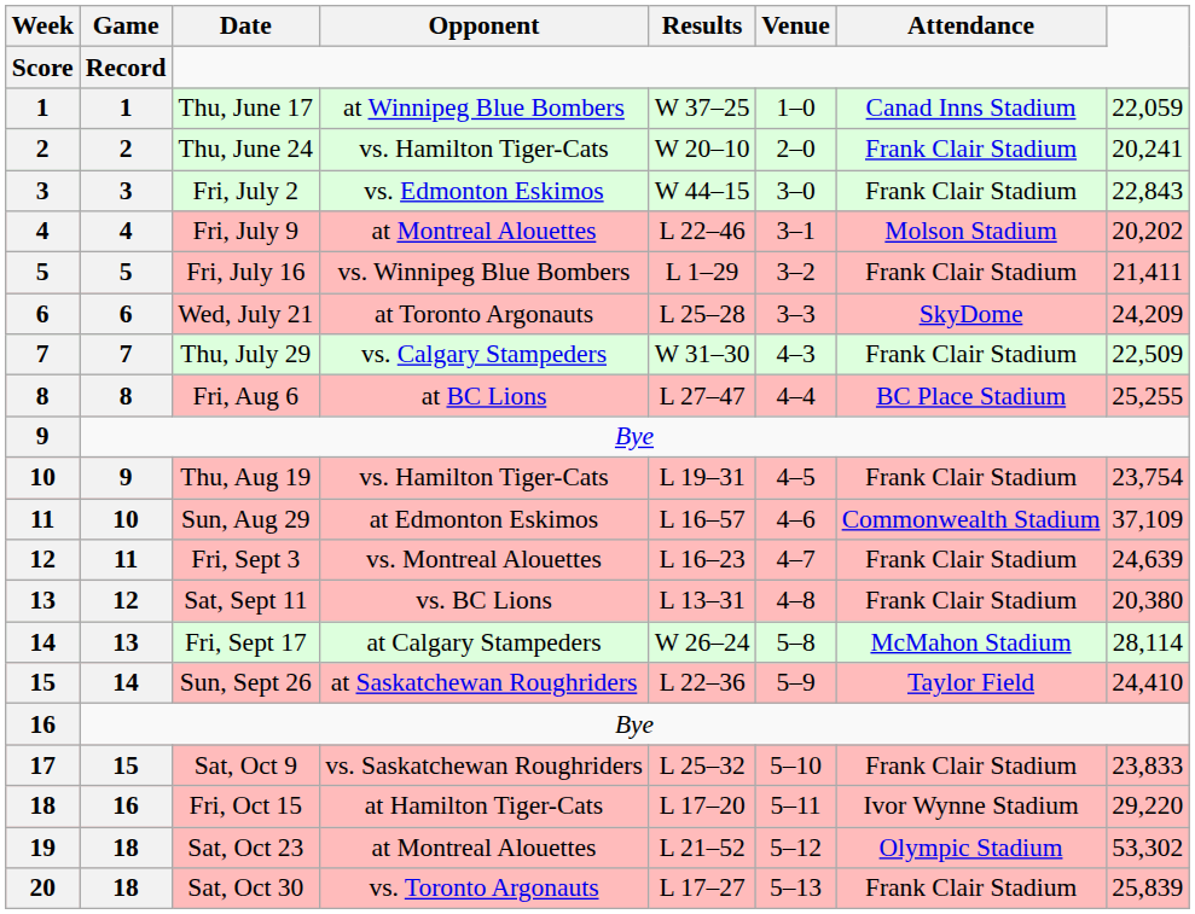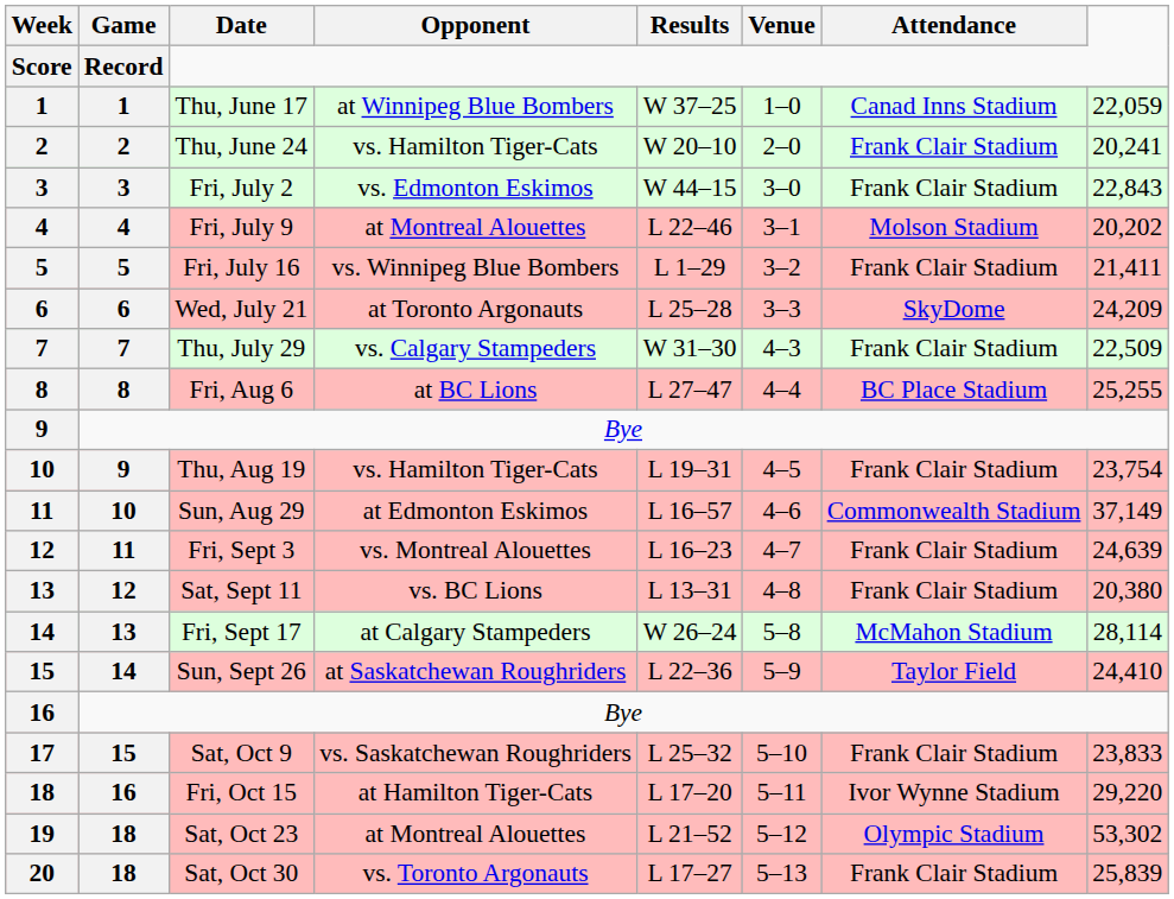 <table class="wikitable" style="text-align:center">
 <tr>
 <th>Week</th>
 <th>Game</th>
 <th>Date</th>
 <th>Opponent</th>
 <th>Results</th>
 <th>Venue</th>
 <th>Attendance</th>
 </tr>
 <tr>
 <th>Score</th>
 <th>Record</th>
 </tr>
 <tr style="background:#ddffdd">
 <th>1</th>
 <th>1</th>
 <td>Thu, June 17</td>
 <td>at <a href='#'>Winnipeg Blue Bombers</a></td>
 <td>W 37–25</td>
 <td>1–0</td>
 <td><a href='#'>Canad Inns Stadium</a></td>
 <td>22,059</td>
 </tr>
 <tr style="background:#ddffdd">
 <th>2</th>
 <th>2</th>
 <td>Thu, June 24</td>
 <td>vs. Hamilton Tiger-Cats</td>
 <td>W 20–10</td>
 <td>2–0</td>
 <td><a href='#'>Frank Clair Stadium</a></td>
 <td>20,241</td>
 </tr>
 <tr style="background:#ddffdd">
 <th>3</th>
 <th>3</th>
 <td>Fri, July 2</td>
 <td>vs. <a href='#'>Edmonton Eskimos</a></td>
 <td>W 44–15</td>
 <td>3–0</td>
 <td>Frank Clair Stadium</td>
 <td>22,843</td>
 </tr>
 <tr style="background:#ffbbbb">
 <th>4</th>
 <th>4</th>
 <td>Fri, July 9</td>
 <td>at <a href='#'>Montreal Alouettes</a></td>
 <td>L 22–46</td>
 <td>3–1</td>
 <td><a href='#'>Molson Stadium</a></td>
 <td>20,202</td>
 </tr>
 <tr style="background:#ffbbbb">
 <th>5</th>
 <th>5</th>
 <td>Fri, July 16</td>
 <td>vs. Winnipeg Blue Bombers</td>
 <td>L 1–29</td>
 <td>3–2</td>
 <td>Frank Clair Stadium</td>
 <td>21,411</td>
 </tr>
 <tr style="background:#ffbbbb">
 <th>6</th>
 <th>6</th>
 <td>Wed, July 21</td>
 <td>at Toronto Argonauts</td>
 <td>L 25–28</td>
 <td>3–3</td>
 <td><a href='#'>SkyDome</a></td>
 <td>24,209</td>
 </tr>
 <tr style="background:#ddffdd">
 <th>7</th>
 <th>7</th>
 <td>Thu, July 29</td>
 <td>vs. <a href='#'>Calgary Stampeders</a></td>
 <td>W 31–30</td>
 <td>4–3</td>
 <td>Frank Clair Stadium</td>
 <td>22,509</td>
 </tr>
 <tr style="background:#ffbbbb">
 <th>8</th>
 <th>8</th>
 <td>Fri, Aug 6</td>
 <td>at <a href='#'>BC Lions</a></td>
 <td>L 27–47</td>
 <td>4–4</td>
 <td><a href='#'>BC Place Stadium</a></td>
 <td>25,255</td>
 </tr>
 <tr>
 <th>9</th>
 <td colspan=7><em><a href='#'>Bye</a></em></td>
 </tr>
 <tr style="background:#ffbbbb">
 <th>10</th>
 <th>9</th>
 <td>Thu, Aug 19</td>
 <td>vs. Hamilton Tiger-Cats</td>
 <td>L 19–31</td>
 <td>4–5</td>
 <td>Frank Clair Stadium</td>
 <td>23,754</td>
 </tr>
 <tr style="background:#ffbbbb">
 <th>11</th>
 <th>10</th>
 <td>Sun, Aug 29</td>
 <td>at Edmonton Eskimos</td>
 <td>L 16–57</td>
 <td>4–6</td>
 <td><a href='#'>Commonwealth Stadium</a></td>
-<td>37,109</td>
+<td>37,149</td>
 </tr>
 <tr style="background:#ffbbbb">
 <th>12</th>
 <th>11</th>
 <td>Fri, Sept 3</td>
 <td>vs. Montreal Alouettes</td>
 <td>L 16–23</td>
 <td>4–7</td>
 <td>Frank Clair Stadium</td>
 <td>24,639</td>
 </tr>
 <tr style="background:#ffbbbb">
 <th>13</th>
 <th>12</th>
 <td>Sat, Sept 11</td>
 <td>vs. BC Lions</td>
 <td>L 13–31</td>
 <td>4–8</td>
 <td>Frank Clair Stadium</td>
 <td>20,380</td>
 </tr>
 <tr style="background:#ddffdd">
 <th>14</th>
 <th>13</th>
 <td>Fri, Sept 17</td>
 <td>at Calgary Stampeders</td>
 <td>W 26–24</td>
 <td>5–8</td>
 <td><a href='#'>McMahon Stadium</a></td>
 <td>28,114</td>
 </tr>
 <tr style="background:#ffbbbb">
 <th>15</th>
 <th>14</th>
 <td>Sun, Sept 26</td>
 <td>at <a href='#'>Saskatchewan Roughriders</a></td>
 <td>L 22–36</td>
 <td>5–9</td>
 <td><a href='#'>Taylor Field</a></td>
 <td>24,410</td>
 </tr>
 <tr>
 <th>16</th>
 <td colspan=7><em>Bye</em></td>
 </tr>
 <tr style="background:#ffbbbb">
 <th>17</th>
 <th>15</th>
 <td>Sat, Oct 9</td>
 <td>vs. Saskatchewan Roughriders</td>
 <td>L 25–32</td>
 <td>5–10</td>
 <td>Frank Clair Stadium</td>
 <td>23,833</td>
 </tr>
 <tr style="background:#ffbbbb">
 <th>18</th>
 <th>16</th>
 <td>Fri, Oct 15</td>
 <td>at Hamilton Tiger-Cats</td>
 <td>L 17–20</td>
 <td>5–11</td>
 <td>Ivor Wynne Stadium</td>
 <td>29,220</td>
 </tr>
 <tr style="background:#ffbbbb">
 <th>19</th>
 <th>18</th>
 <td>Sat, Oct 23</td>
 <td>at Montreal Alouettes</td>
 <td>L 21–52</td>
 <td>5–12</td>
 <td><a href='#'>Olympic Stadium</a></td>
 <td>53,302</td>
 </tr>
 <tr style="background:#ffbbbb">
 <th>20</th>
 <th>18</th>
 <td>Sat, Oct 30</td>
 <td>vs. <a href='#'>Toronto Argonauts</a></td>
 <td>L 17–27</td>
 <td>5–13</td>
 <td>Frank Clair Stadium</td>
 <td>25,839</td>
 </tr>
 </table>
